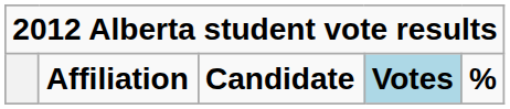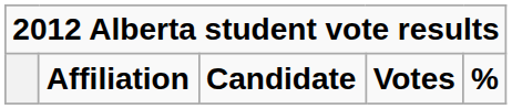 <table class="wikitable">
 <tr>
 <td colspan="5" align=center><strong>2012 Alberta student vote results</strong></td>
 </tr>
 <tr>
 <th style="width: 10px;"></th>
 <td><strong>Affiliation</strong></td>
 <td><strong>Candidate</strong></td>
-<td style="background: lightblue;"><strong>Votes</strong></td>
+<td><strong>Votes</strong></td>
 <td><strong>%</strong><br>    </td>
 </tr>
 </table>
